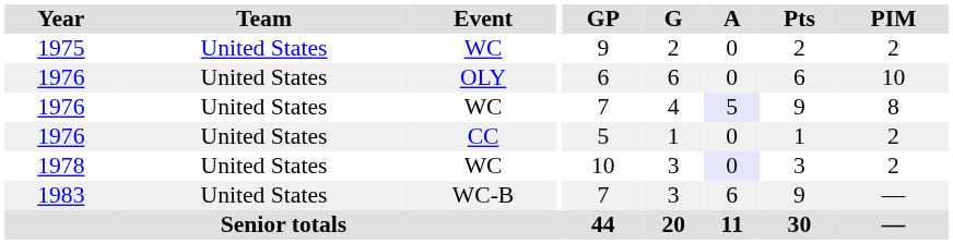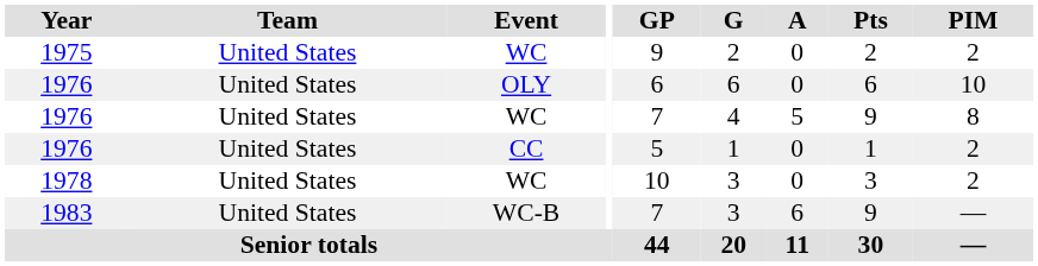 <table border="0" cellpadding="1" cellspacing="0" ID="Table3" style="text-align:center; width:40em">
 <tr bgcolor="#e0e0e0">
 <th>Year</th>
 <th>Team</th>
 <th>Event</th>
 <th rowspan="102" bgcolor="#ffffff"></th>
 <th>GP</th>
 <th>G</th>
 <th>A</th>
 <th>Pts</th>
 <th>PIM</th>
 </tr>
 <tr>
 <td><a href='#'>1975</a></td>
 <td><a href='#'>United States</a></td>
 <td><a href='#'>WC</a></td>
 <td>9</td>
 <td>2</td>
 <td>0</td>
 <td>2</td>
 <td>2</td>
 </tr>
 <tr bgcolor="#f0f0f0">
 <td><a href='#'>1976</a></td>
 <td>United States</td>
 <td><a href='#'>OLY</a></td>
 <td>6</td>
 <td>6</td>
 <td>0</td>
 <td>6</td>
 <td>10</td>
 </tr>
 <tr>
 <td><a href='#'>1976</a></td>
 <td>United States</td>
 <td>WC</td>
 <td>7</td>
 <td>4</td>
-<td style="background: lavender;">5</td>
+<td>5</td>
 <td>9</td>
 <td>8</td>
 </tr>
 <tr bgcolor="#f0f0f0">
 <td><a href='#'>1976</a></td>
 <td>United States</td>
 <td><a href='#'>CC</a></td>
 <td>5</td>
 <td>1</td>
 <td>0</td>
 <td>1</td>
 <td>2</td>
 </tr>
 <tr>
 <td><a href='#'>1978</a></td>
 <td>United States</td>
 <td>WC</td>
 <td>10</td>
 <td>3</td>
-<td style="background: lavender;">0</td>
+<td>0</td>
 <td>3</td>
 <td>2</td>
 </tr>
 <tr bgcolor="#f0f0f0">
 <td><a href='#'>1983</a></td>
 <td>United States</td>
 <td>WC-B</td>
 <td>7</td>
 <td>3</td>
 <td>6</td>
 <td>9</td>
 <td>—</td>
 </tr>
 <tr bgcolor="#e0e0e0">
 <th colspan="4">Senior totals</th>
 <th>44</th>
 <th>20</th>
 <th>11</th>
 <th>30</th>
 <th>—</th>
 </tr>
 </table>
